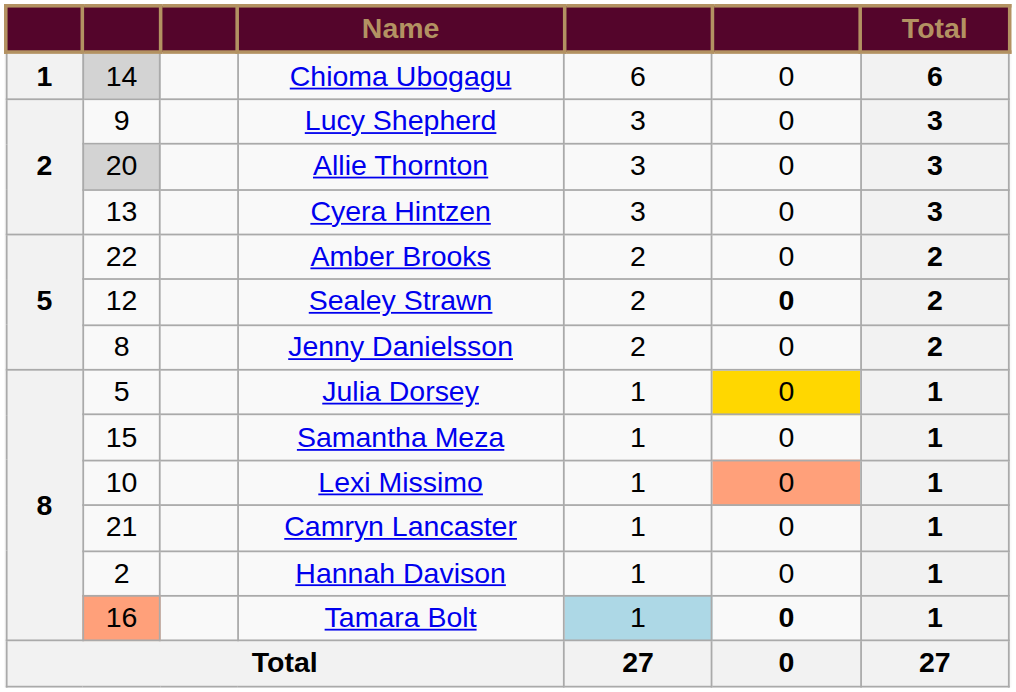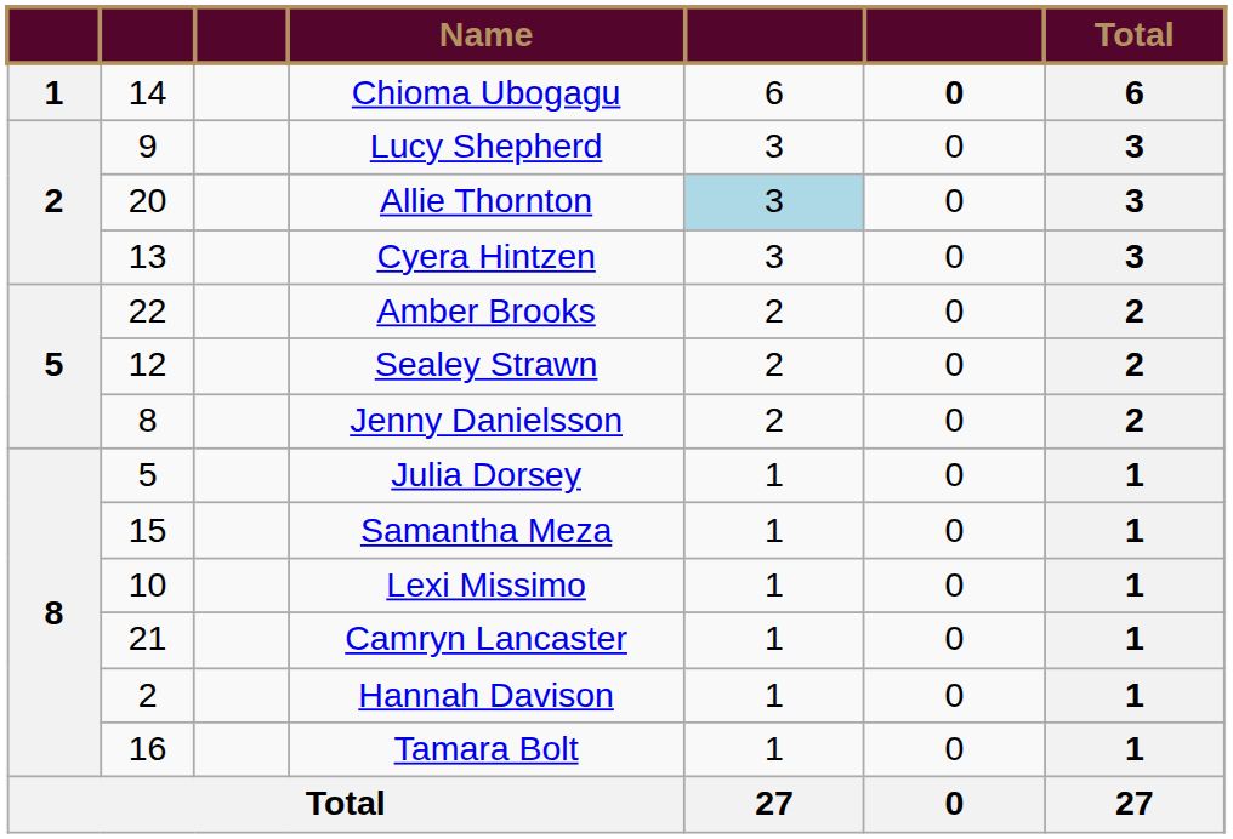 <table class="wikitable sortable" style="text-align:center;">
 <tr>
 <th style="background:#54052B; color:#B39262; border:2px solid #B39262; width:35px;" scope="col"></th>
 <th style="background:#54052B; color:#B39262; border:2px solid #B39262; width:35px;" scope="col"></th>
 <th style="background:#54052B; color:#B39262; border:2px solid #B39262; width:35px;" scope="col"></th>
 <th style="background:#54052B; color:#B39262; border:2px solid #B39262; width:175px;" scope="col">Name</th>
 <th style="background:#54052B; color:#B39262; border:2px solid #B39262; width:75px;" scope="col"></th>
 <th style="background:#54052B; color:#B39262; border:2px solid #B39262; width:75px;" scope="col"></th>
 <th style="background:#54052B; color:#B39262; border:2px solid #B39262; width:75px;" scope="col">Total</th>
 </tr>
 <tr>
 <th>1</th>
-<td style="background: lightgrey;">14</td>
+<td>14</td>
 <td></td>
 <td><a href='#'>Chioma Ubogagu</a></td>
 <td>6</td>
-<td>0</td>
+<td><strong>0</strong></td>
 <th>6</th>
 </tr>
 <tr>
 <th rowspan="3">2</th>
 <td>9</td>
 <td></td>
 <td><a href='#'>Lucy Shepherd</a></td>
 <td>3</td>
 <td>0</td>
 <th>3</th>
 </tr>
 <tr>
-<td style="background: lightgrey;">20</td>
+<td>20</td>
 <td></td>
 <td><a href='#'>Allie Thornton</a></td>
-<td>3</td>
+<td style="background: lightblue;">3</td>
 <td>0</td>
 <th>3</th>
 </tr>
 <tr>
 <td>13</td>
 <td></td>
 <td><a href='#'>Cyera Hintzen</a></td>
 <td>3</td>
 <td>0</td>
 <th>3</th>
 </tr>
 <tr>
 <th rowspan="3">5</th>
 <td>22</td>
 <td></td>
 <td><a href='#'>Amber Brooks</a></td>
 <td>2</td>
 <td>0</td>
 <th>2</th>
 </tr>
 <tr>
 <td>12</td>
 <td></td>
 <td><a href='#'>Sealey Strawn</a></td>
 <td>2</td>
-<td><strong>0</strong></td>
+<td>0</td>
 <th>2</th>
 </tr>
 <tr>
 <td>8</td>
 <td></td>
 <td><a href='#'>Jenny Danielsson</a></td>
 <td>2</td>
 <td>0</td>
 <th>2</th>
 </tr>
 <tr>
 <th rowspan="6">8</th>
 <td>5</td>
 <td></td>
 <td><a href='#'>Julia Dorsey</a></td>
 <td>1</td>
-<td style="background: gold;">0</td>
+<td>0</td>
 <th>1</th>
 </tr>
 <tr>
 <td>15</td>
 <td></td>
 <td><a href='#'>Samantha Meza</a></td>
 <td>1</td>
 <td>0</td>
 <th>1</th>
 </tr>
 <tr>
 <td>10</td>
 <td></td>
 <td><a href='#'>Lexi Missimo</a></td>
 <td>1</td>
-<td style="background: lightsalmon;">0</td>
+<td>0</td>
 <th>1</th>
 </tr>
 <tr>
 <td>21</td>
 <td></td>
 <td><a href='#'>Camryn Lancaster</a></td>
 <td>1</td>
 <td>0</td>
 <th>1</th>
 </tr>
 <tr>
 <td>2</td>
 <td></td>
 <td><a href='#'>Hannah Davison</a></td>
 <td>1</td>
 <td>0</td>
 <th>1</th>
 </tr>
 <tr>
-<td style="background: lightsalmon;">16</td>
+<td>16</td>
 <td></td>
 <td><a href='#'>Tamara Bolt</a></td>
-<td style="background: lightblue;">1</td>
-<td><strong>0</strong></td>
+<td>1</td>
+<td>0</td>
 <th>1</th>
 </tr>
 <tr>
 <th colspan="4" scope="row">Total</th>
 <th>27</th>
 <th>0</th>
 <th>27</th>
 </tr>
 </table>
